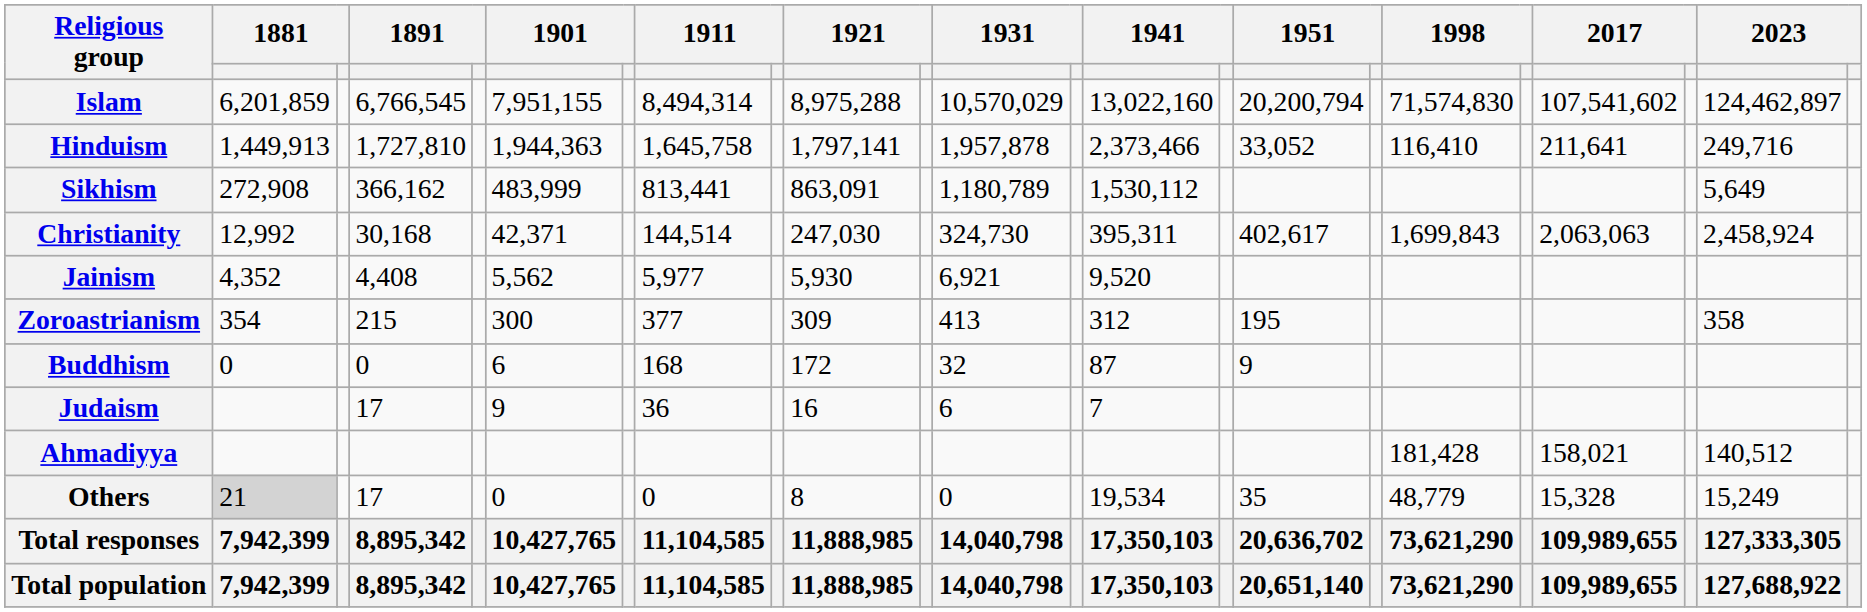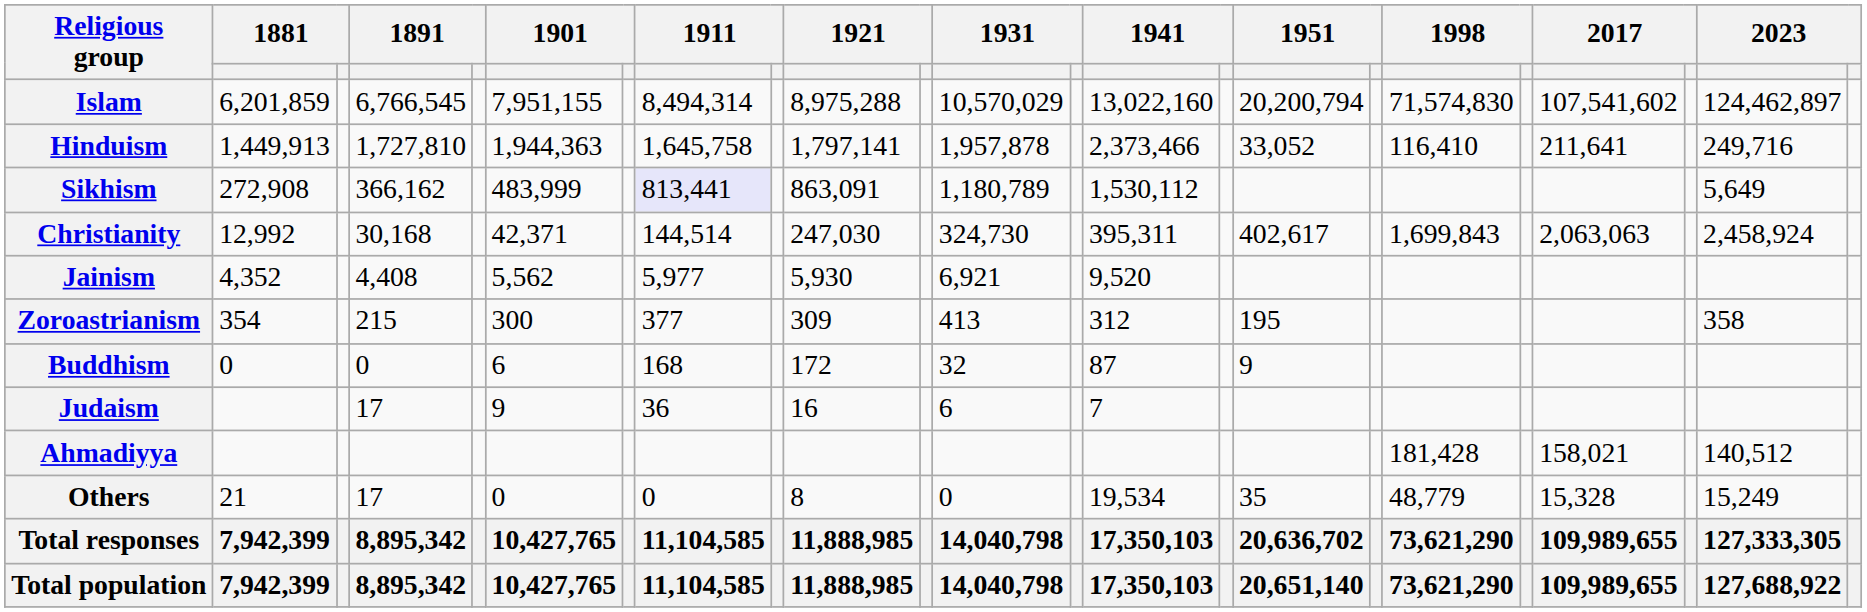 <table class="wikitable sortable">
 <tr>
 <th rowspan="2"><a href='#'>Religious</a><br>group</th>
 <th colspan="2">1881</th>
 <th colspan="2">1891</th>
 <th colspan="2">1901</th>
 <th colspan="2">1911</th>
 <th colspan="2">1921</th>
 <th colspan="2">1931</th>
 <th colspan="2">1941</th>
 <th colspan="2">1951</th>
 <th colspan="2">1998</th>
 <th colspan="2">2017</th>
 <th colspan="2">2023</th>
 </tr>
 <tr>
 <th><a href='#'></a></th>
 <th></th>
 <th></th>
 <th></th>
 <th></th>
 <th></th>
 <th></th>
 <th></th>
 <th></th>
 <th></th>
 <th></th>
 <th></th>
 <th></th>
 <th></th>
 <th></th>
 <th></th>
 <th></th>
 <th></th>
 <th></th>
 <th></th>
 <th></th>
 <th></th>
 </tr>
 <tr>
 <th><a href='#'>Islam</a> </th>
 <td>6,201,859</td>
 <td></td>
 <td>6,766,545</td>
 <td></td>
 <td>7,951,155</td>
 <td></td>
 <td>8,494,314</td>
 <td></td>
 <td>8,975,288</td>
 <td></td>
 <td>10,570,029</td>
 <td></td>
 <td>13,022,160</td>
 <td></td>
 <td>20,200,794</td>
 <td></td>
 <td>71,574,830</td>
 <td></td>
 <td>107,541,602</td>
 <td></td>
 <td>124,462,897</td>
 <td></td>
 </tr>
 <tr>
 <th><a href='#'>Hinduism</a> </th>
 <td>1,449,913</td>
 <td></td>
 <td>1,727,810</td>
 <td></td>
 <td>1,944,363</td>
 <td></td>
 <td>1,645,758</td>
 <td></td>
 <td>1,797,141</td>
 <td></td>
 <td>1,957,878</td>
 <td></td>
 <td>2,373,466</td>
 <td></td>
 <td>33,052</td>
 <td></td>
 <td>116,410</td>
 <td></td>
 <td>211,641</td>
 <td></td>
 <td>249,716</td>
 <td></td>
 </tr>
 <tr>
 <th><a href='#'>Sikhism</a> </th>
 <td>272,908</td>
 <td></td>
 <td>366,162</td>
 <td></td>
 <td>483,999</td>
 <td></td>
-<td>813,441</td>
+<td style="background: lavender;">813,441</td>
 <td></td>
 <td>863,091</td>
 <td></td>
 <td>1,180,789</td>
 <td></td>
 <td>1,530,112</td>
 <td></td>
 <td></td>
 <td></td>
 <td></td>
 <td></td>
 <td></td>
 <td></td>
 <td>5,649</td>
 <td></td>
 </tr>
 <tr>
 <th><a href='#'>Christianity</a> </th>
 <td>12,992</td>
 <td></td>
 <td>30,168</td>
 <td></td>
 <td>42,371</td>
 <td></td>
 <td>144,514</td>
 <td></td>
 <td>247,030</td>
 <td></td>
 <td>324,730</td>
 <td></td>
 <td>395,311</td>
 <td></td>
 <td>402,617</td>
 <td></td>
 <td>1,699,843</td>
 <td></td>
 <td>2,063,063</td>
 <td></td>
 <td>2,458,924</td>
 <td></td>
 </tr>
 <tr>
 <th><a href='#'>Jainism</a> </th>
 <td>4,352</td>
 <td></td>
 <td>4,408</td>
 <td></td>
 <td>5,562</td>
 <td></td>
 <td>5,977</td>
 <td></td>
 <td>5,930</td>
 <td></td>
 <td>6,921</td>
 <td></td>
 <td>9,520</td>
 <td></td>
 <td></td>
 <td></td>
 <td></td>
 <td></td>
 <td></td>
 <td></td>
 <td></td>
 <td></td>
 </tr>
 <tr>
 <th><a href='#'>Zoroastrianism</a> </th>
 <td>354</td>
 <td></td>
 <td>215</td>
 <td></td>
 <td>300</td>
 <td></td>
 <td>377</td>
 <td></td>
 <td>309</td>
 <td></td>
 <td>413</td>
 <td></td>
 <td>312</td>
 <td></td>
 <td>195</td>
 <td></td>
 <td></td>
 <td></td>
 <td></td>
 <td></td>
 <td>358</td>
 <td></td>
 </tr>
 <tr>
 <th><a href='#'>Buddhism</a> </th>
 <td>0</td>
 <td></td>
 <td>0</td>
 <td></td>
 <td>6</td>
 <td></td>
 <td>168</td>
 <td></td>
 <td>172</td>
 <td></td>
 <td>32</td>
 <td></td>
 <td>87</td>
 <td></td>
 <td>9</td>
 <td></td>
 <td></td>
 <td></td>
 <td></td>
 <td></td>
 <td></td>
 <td></td>
 </tr>
 <tr>
 <th><a href='#'>Judaism</a> </th>
 <td></td>
 <td></td>
 <td>17</td>
 <td></td>
 <td>9</td>
 <td></td>
 <td>36</td>
 <td></td>
 <td>16</td>
 <td></td>
 <td>6</td>
 <td></td>
 <td>7</td>
 <td></td>
 <td></td>
 <td></td>
 <td></td>
 <td></td>
 <td></td>
 <td></td>
 <td></td>
 <td></td>
 </tr>
 <tr>
 <th><a href='#'>Ahmadiyya</a> </th>
 <td></td>
 <td></td>
 <td></td>
 <td></td>
 <td></td>
 <td></td>
 <td></td>
 <td></td>
 <td></td>
 <td></td>
 <td></td>
 <td></td>
 <td></td>
 <td></td>
 <td></td>
 <td></td>
 <td>181,428</td>
 <td></td>
 <td>158,021</td>
 <td></td>
 <td>140,512</td>
 <td></td>
 </tr>
 <tr>
 <th>Others</th>
-<td style="background: lightgrey;">21</td>
+<td>21</td>
 <td></td>
 <td>17</td>
 <td></td>
 <td>0</td>
 <td></td>
 <td>0</td>
 <td></td>
 <td>8</td>
 <td></td>
 <td>0</td>
 <td></td>
 <td>19,534</td>
 <td></td>
 <td>35</td>
 <td></td>
 <td>48,779</td>
 <td></td>
 <td>15,328</td>
 <td></td>
 <td>15,249</td>
 <td></td>
 </tr>
 <tr class="sortbottom">
 <th>Total responses</th>
 <th>7,942,399</th>
 <th></th>
 <th>8,895,342</th>
 <th></th>
 <th>10,427,765</th>
 <th></th>
 <th>11,104,585</th>
 <th></th>
 <th>11,888,985</th>
 <th></th>
 <th>14,040,798</th>
 <th></th>
 <th>17,350,103</th>
 <th></th>
 <th>20,636,702</th>
 <th></th>
 <th>73,621,290</th>
 <th></th>
 <th>109,989,655</th>
 <th></th>
 <th>127,333,305</th>
 <th></th>
 </tr>
 <tr class="sortbottom">
 <th>Total population</th>
 <th>7,942,399</th>
 <th></th>
 <th>8,895,342</th>
 <th></th>
 <th>10,427,765</th>
 <th></th>
 <th>11,104,585</th>
 <th></th>
 <th>11,888,985</th>
 <th></th>
 <th>14,040,798</th>
 <th></th>
 <th>17,350,103</th>
 <th></th>
 <th>20,651,140</th>
 <th></th>
 <th>73,621,290</th>
 <th></th>
 <th>109,989,655</th>
 <th></th>
 <th>127,688,922</th>
 <th></th>
 </tr>
 </table>
